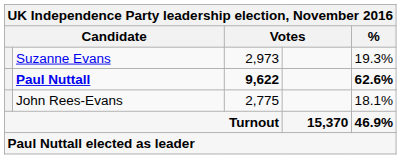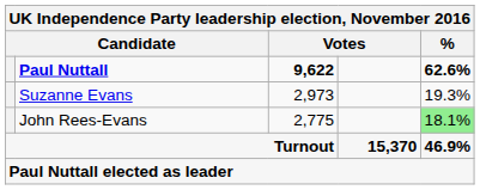 <table class="wikitable" style="font-size: 95%;">
 <tr>
 <th colspan="5">UK Independence Party leadership election, November 2016</th>
 </tr>
 <tr>
 <th colspan="2" style="width: 190px">Candidate</th>
 <th colspan="2" style="width: 100px">Votes</th>
 <th style="width: 40px">%</th>
 </tr>
 <tr>
 <th style="background-color: "></th>
+<td style="width: 230px"> <strong><a href='#'>Paul Nuttall</a></strong></td>
+<td style="text-align:right;"><strong>  9,622  </strong></td>
+<td align=center></td>
+<td style="text-align:right;"><strong>62.6%</strong></td>
+</tr>
+<tr>
+<th style="background-color: "></th>
 <td style="width: 230px"><a href='#'>Suzanne Evans</a></td>
 <td style="text-align:right;">2,973</td>
 <td align=center></td>
 <td style="text-align:right;">19.3%</td>
 </tr>
 <tr>
 <th style="background-color: "></th>
-<td style="width: 230px"> <strong><a href='#'>Paul Nuttall</a></strong></td>
-<td style="text-align:right;"><strong>  9,622  </strong></td>
-<td align=center></td>
-<td style="text-align:right;"><strong>62.6%</strong></td>
-</tr>
-<tr>
-<th style="background-color: "></th>
 <td style="width: 230px">John Rees-Evans</td>
 <td style="text-align:right;">2,775</td>
 <td align=center></td>
-<td style="text-align:right;">18.1%</td>
+<td style="background: lightgreen; text-align:right;">18.1%</td>
 </tr>
 <tr style="background:#f6f6f6; text-align:right;">
 <td colspan="3"><strong>Turnout</strong></td>
 <td><strong> 15,370</strong></td>
 <td><strong>46.9%</strong></td>
 </tr>
 <tr style="background:#f6f6f6;">
 <td colspan="5"><strong>Paul Nuttall elected as leader </strong></td>
 </tr>
 </table>
